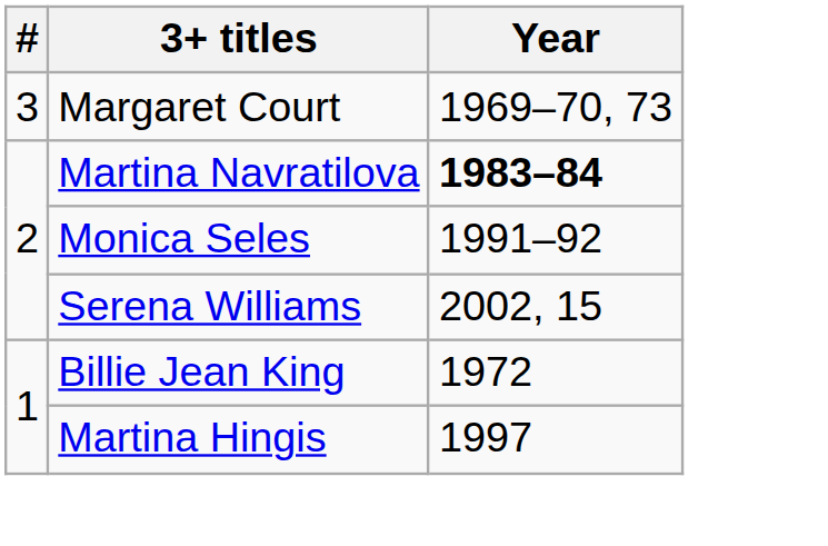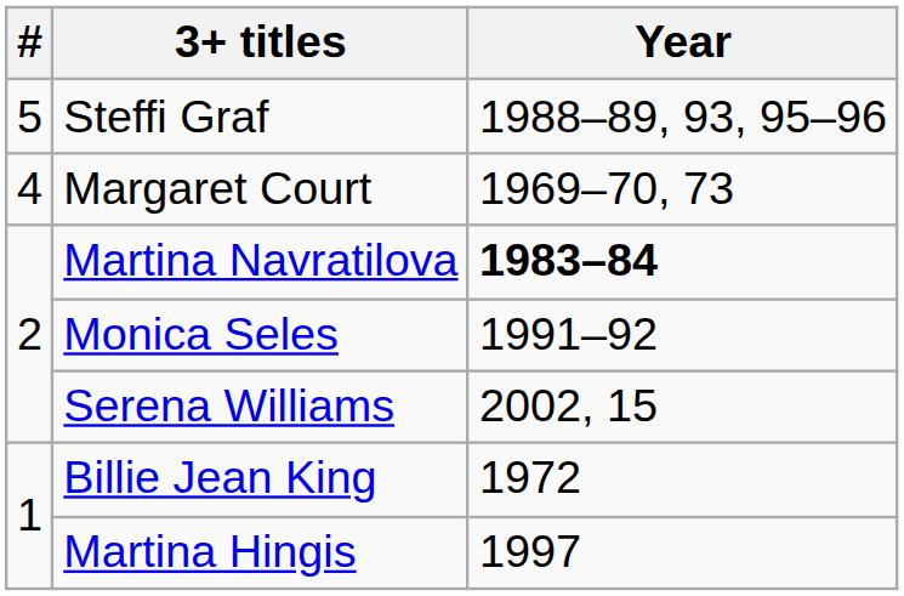 <table class="wikitable" style="display:inline-table;">
 <tr>
 <th>#</th>
 <th>3+ titles</th>
 <th>Year</th>
 </tr>
 <tr>
-<td>3</td>
+<td>5</td>
+<td> Steffi Graf</td>
+<td>1988–89, 93, 95–96</td>
+</tr>
+<tr>
+<td>4</td>
 <td> Margaret Court</td>
 <td>1969–70, 73</td>
 </tr>
 <tr>
 <td rowspan=3>2</td>
 <td> <a href='#'>Martina Navratilova</a></td>
 <td><strong>1983–84</strong></td>
 </tr>
 <tr>
 <td> <a href='#'>Monica Seles</a></td>
 <td>1991–92</td>
 </tr>
 <tr>
 <td> <a href='#'>Serena Williams</a></td>
 <td>2002, 15</td>
 </tr>
 <tr>
 <td rowspan=2>1</td>
 <td> <a href='#'>Billie Jean King</a></td>
 <td>1972</td>
 </tr>
 <tr>
 <td> <a href='#'>Martina Hingis</a></td>
 <td>1997</td>
 </tr>
 </table>
